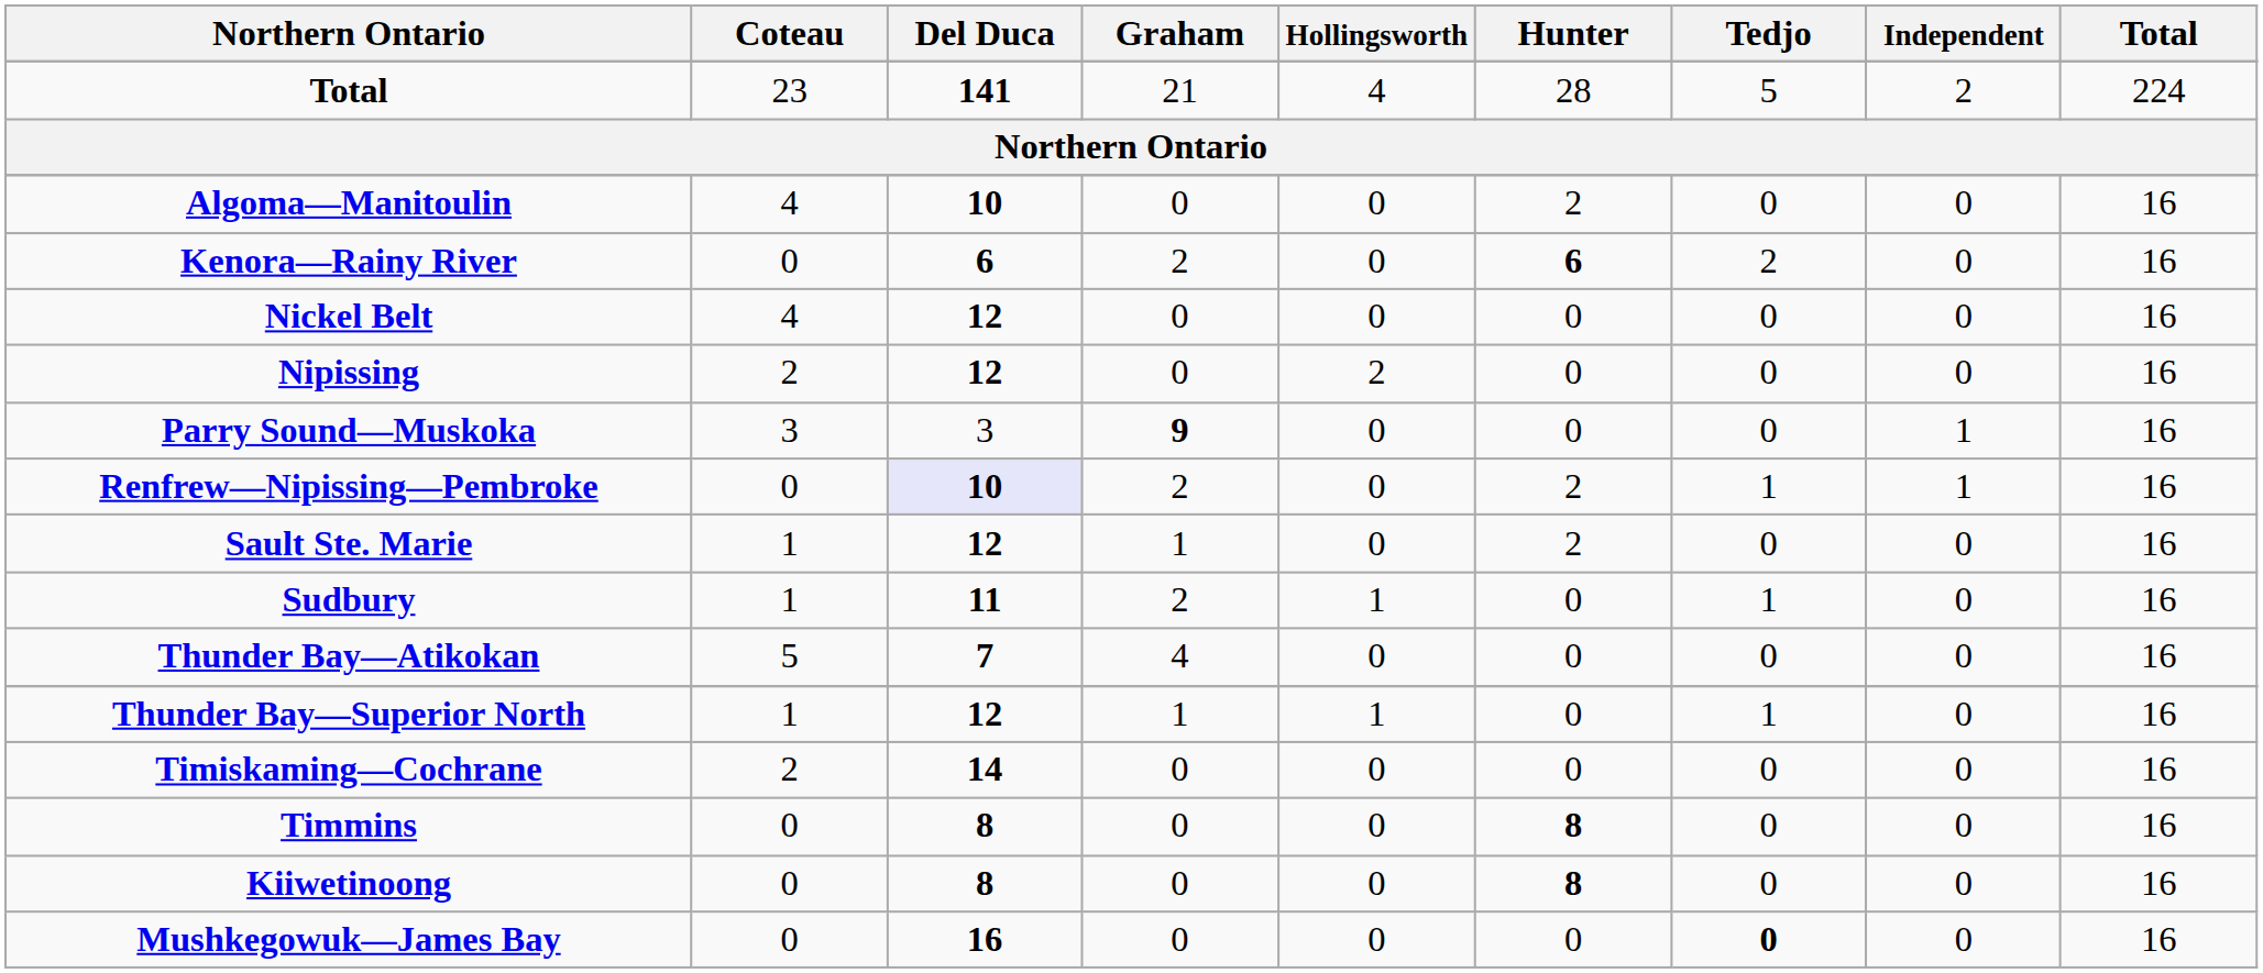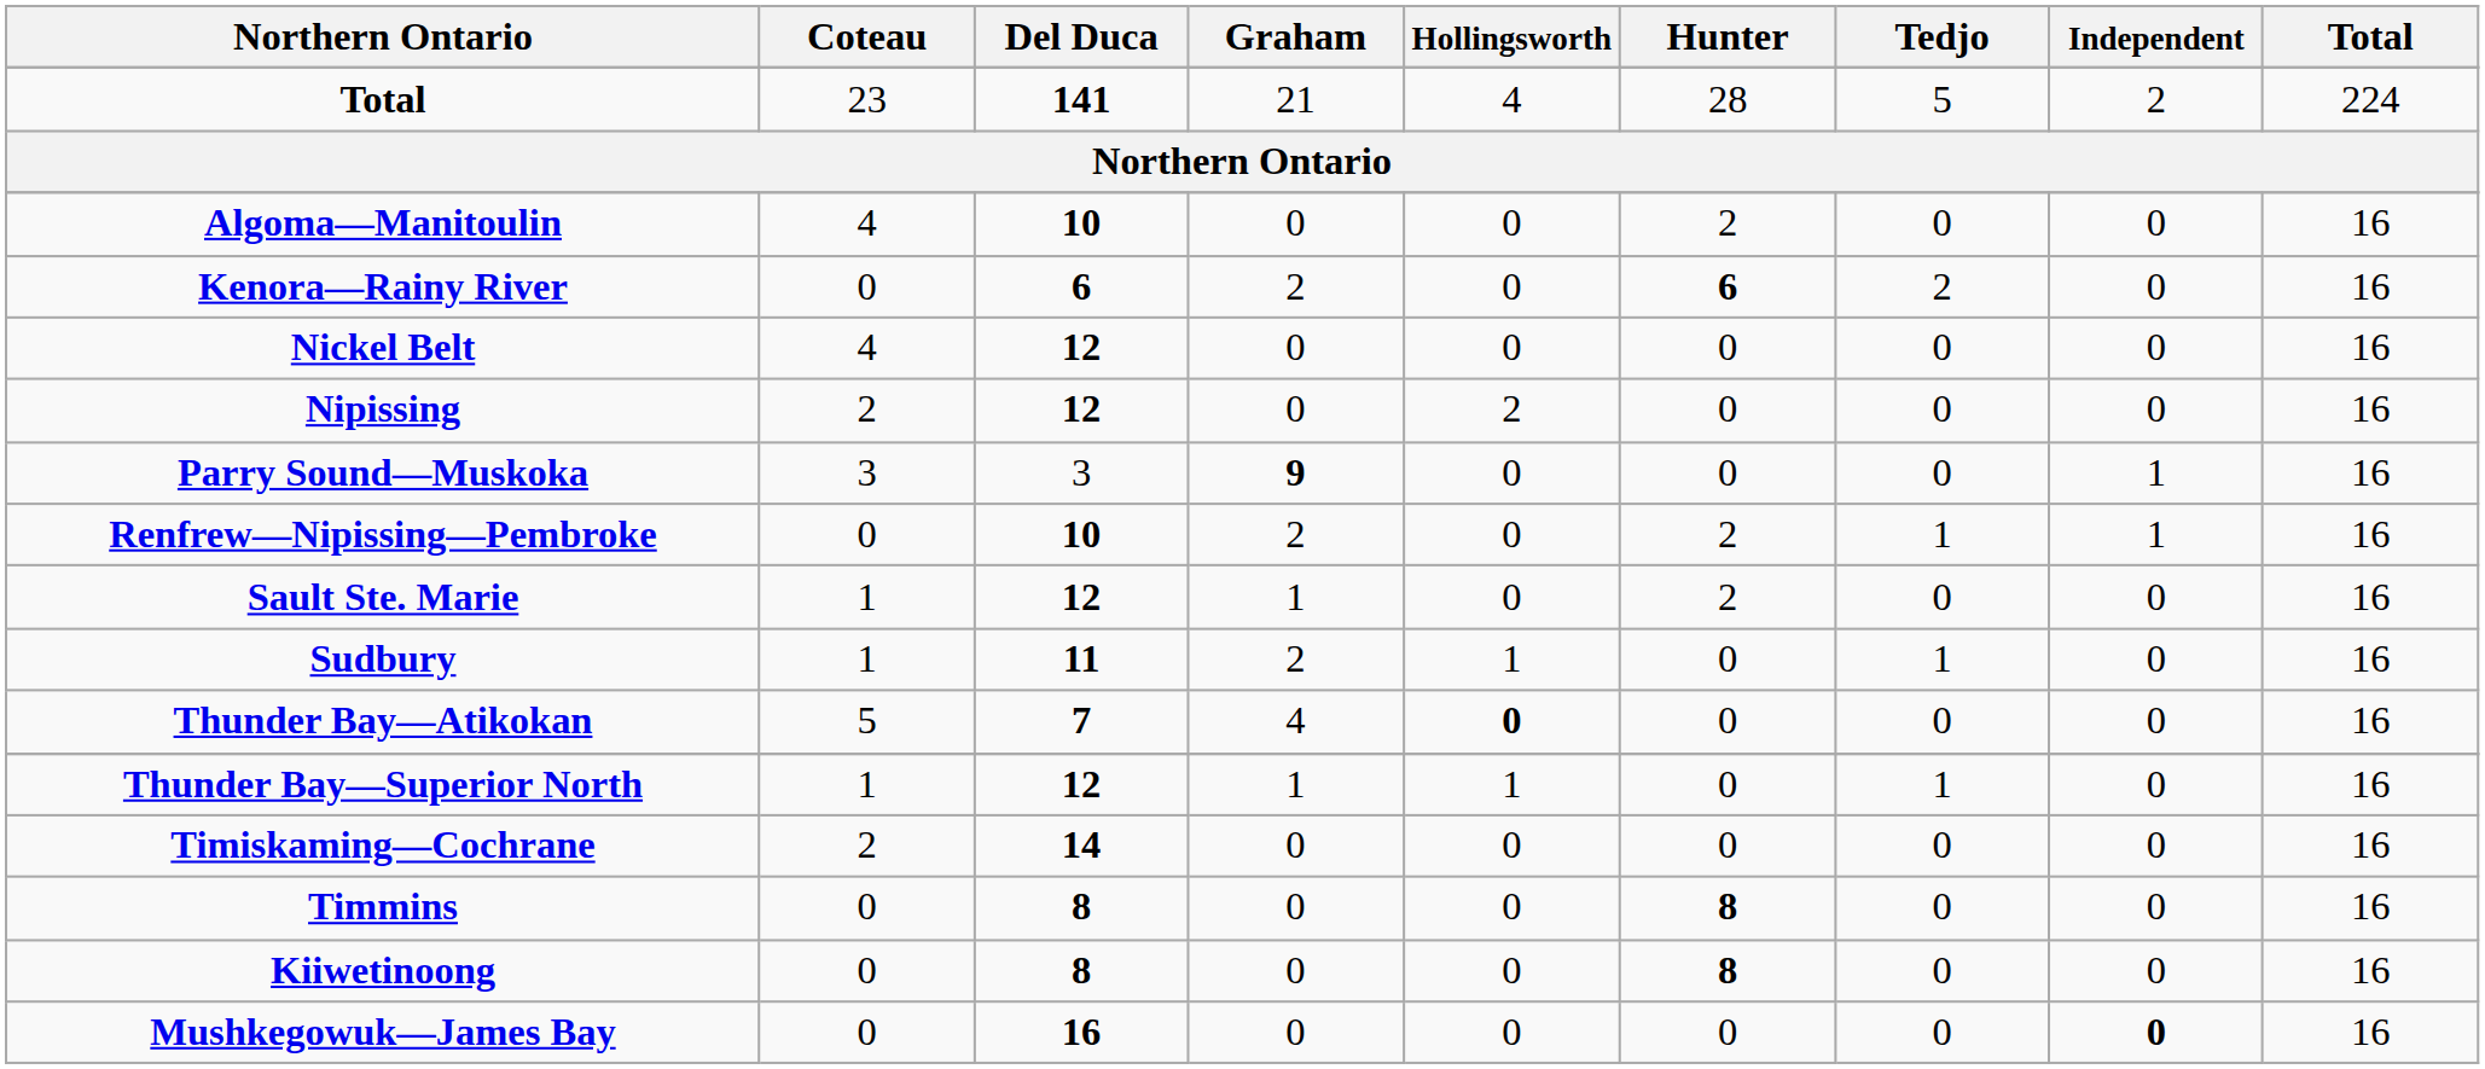 <table class="wikitable mw-collapsible mw-collapsed">
 <tr>
 <th style="width:300px;">Northern Ontario</th>
 <th style="width:80px;">Coteau</th>
 <th style="width:80px;">Del Duca</th>
 <th style="width:80px;">Graham</th>
 <th style="width:80px;"><small>Hollingsworth</small></th>
 <th style="width:80px;">Hunter</th>
 <th style="width:80px;">Tedjo</th>
 <th style="width:80px;"><small>Independent</small></th>
 <th style="width:80px;">Total</th>
 </tr>
 <tr>
 </tr>
 <tr>
 </tr>
 <tr style="text-align:center;">
 <td><strong>Total</strong></td>
 <td>23</td>
 <td><strong>141</strong></td>
 <td>21</td>
 <td>4</td>
 <td>28</td>
 <td>5</td>
 <td>2</td>
 <td>224</td>
 </tr>
 <tr>
 <th colspan = "9">Northern Ontario</th>
 </tr>
 <tr>
 </tr>
 <tr style="text-align:center;">
 <td><strong><a href='#'>Algoma—Manitoulin</a></strong></td>
 <td>4</td>
 <td><strong>10</strong></td>
 <td>0</td>
 <td>0</td>
 <td>2</td>
 <td>0</td>
 <td>0</td>
 <td>16</td>
 </tr>
 <tr style="text-align:center;">
 <td><strong><a href='#'>Kenora—Rainy River</a></strong></td>
 <td>0</td>
 <td><strong>6</strong></td>
 <td>2</td>
 <td>0</td>
 <td><strong>6</strong></td>
 <td>2</td>
 <td>0</td>
 <td>16</td>
 </tr>
 <tr style="text-align:center;">
 <td><strong><a href='#'>Nickel Belt</a></strong></td>
 <td>4</td>
 <td><strong>12</strong></td>
 <td>0</td>
 <td>0</td>
 <td>0</td>
 <td>0</td>
 <td>0</td>
 <td>16</td>
 </tr>
 <tr style="text-align:center;">
 <td><strong><a href='#'>Nipissing</a></strong></td>
 <td>2</td>
 <td><strong>12</strong></td>
 <td>0</td>
 <td>2</td>
 <td>0</td>
 <td>0</td>
 <td>0</td>
 <td>16</td>
 </tr>
 <tr style="text-align:center;">
 <td><strong><a href='#'>Parry Sound—Muskoka</a></strong></td>
 <td>3</td>
 <td>3</td>
 <td><strong>9</strong></td>
 <td>0</td>
 <td>0</td>
 <td>0</td>
 <td>1</td>
 <td>16</td>
 </tr>
 <tr style="text-align:center;">
 <td><strong><a href='#'>Renfrew—Nipissing—Pembroke</a></strong></td>
 <td>0</td>
-<td style="background: lavender;"><strong>10</strong></td>
+<td><strong>10</strong></td>
 <td>2</td>
 <td>0</td>
 <td>2</td>
 <td>1</td>
 <td>1</td>
 <td>16</td>
 </tr>
 <tr style="text-align:center;">
 <td><strong><a href='#'>Sault Ste. Marie</a></strong></td>
 <td>1</td>
 <td><strong>12</strong></td>
 <td>1</td>
 <td>0</td>
 <td>2</td>
 <td>0</td>
 <td>0</td>
 <td>16</td>
 </tr>
 <tr style="text-align:center;">
 <td><strong><a href='#'>Sudbury</a></strong></td>
 <td>1</td>
 <td><strong>11</strong></td>
 <td>2</td>
 <td>1</td>
 <td>0</td>
 <td>1</td>
 <td>0</td>
 <td>16</td>
 </tr>
 <tr style="text-align:center;">
 <td><strong><a href='#'>Thunder Bay—Atikokan</a></strong></td>
 <td>5</td>
 <td><strong>7</strong></td>
 <td>4</td>
-<td>0</td>
+<td><strong>0</strong></td>
 <td>0</td>
 <td>0</td>
 <td>0</td>
 <td>16</td>
 </tr>
 <tr style="text-align:center;">
 </tr>
 <tr style="text-align:center;">
 <td><strong><a href='#'>Thunder Bay—Superior North</a></strong></td>
 <td>1</td>
 <td><strong>12</strong></td>
 <td>1</td>
 <td>1</td>
 <td>0</td>
 <td>1</td>
 <td>0</td>
 <td>16</td>
 </tr>
 <tr style="text-align:center;">
 <td><strong><a href='#'>Timiskaming—Cochrane</a></strong></td>
 <td>2</td>
 <td><strong>14</strong></td>
 <td>0</td>
 <td>0</td>
 <td>0</td>
 <td>0</td>
 <td>0</td>
 <td>16</td>
 </tr>
 <tr style="text-align:center;">
 <td><strong><a href='#'>Timmins</a></strong></td>
 <td>0</td>
 <td><strong>8</strong></td>
 <td>0</td>
 <td>0</td>
 <td><strong>8</strong></td>
 <td>0</td>
 <td>0</td>
 <td>16</td>
 </tr>
 <tr style="text-align:center;">
 <td><strong><a href='#'>Kiiwetinoong</a></strong></td>
 <td>0</td>
 <td><strong>8</strong></td>
 <td>0</td>
 <td>0</td>
 <td><strong>8</strong></td>
 <td>0</td>
 <td>0</td>
 <td>16</td>
 </tr>
 <tr style="text-align:center;">
 <td><strong><a href='#'>Mushkegowuk—James Bay</a></strong></td>
 <td>0</td>
 <td><strong>16</strong></td>
 <td>0</td>
 <td>0</td>
 <td>0</td>
+<td>0</td>
 <td><strong>0</strong></td>
-<td>0</td>
 <td>16</td>
 </tr>
 </table>
